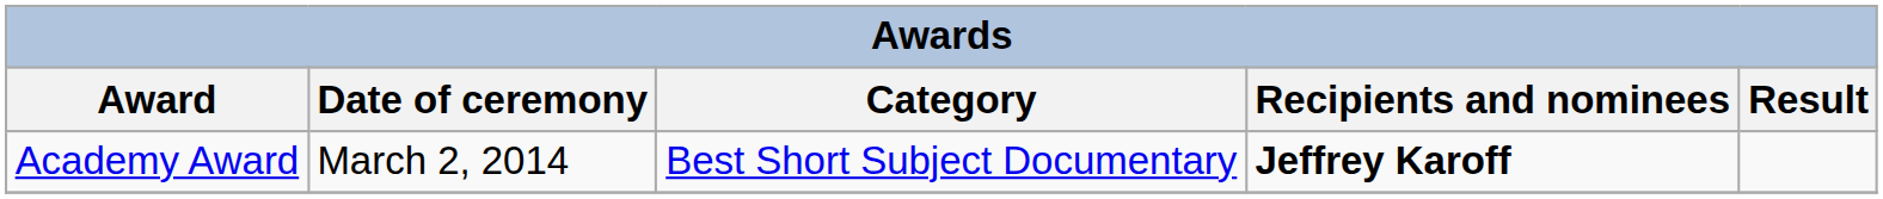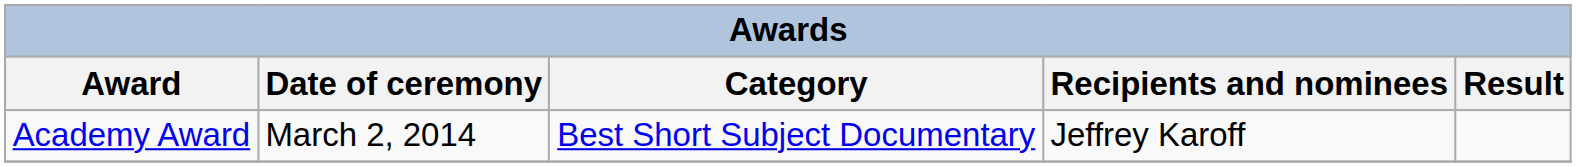 <table class="wikitable">
 <tr>
 <th colspan="5" style="background: LightSteelBlue;">Awards</th>
 </tr>
 <tr>
 <th>Award</th>
 <th>Date of ceremony</th>
 <th>Category</th>
 <th>Recipients and nominees</th>
 <th>Result</th>
 </tr>
 <tr>
 <td><a href='#'>Academy Award</a></td>
 <td>March 2, 2014</td>
 <td><a href='#'>Best Short Subject Documentary</a></td>
-<td><strong>Jeffrey Karoff</strong></td>
+<td>Jeffrey Karoff</td>
 <td></td>
 </tr>
 <tr>
 </tr>
 </table>
